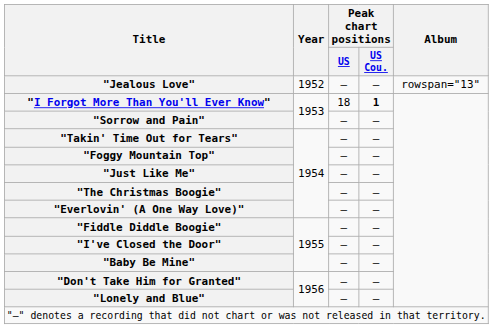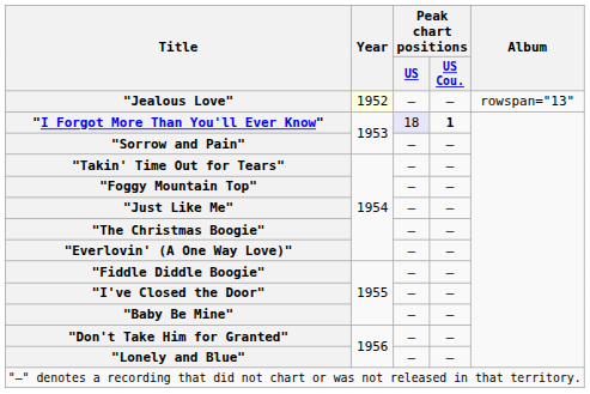 <table class="wikitable plainrowheaders" style="text-align:center;">
 <tr>
 <th scope="col" rowspan="2" style="width:26em;">Title</th>
 <th scope="col" rowspan="2">Year</th>
 <th scope="col" colspan="2">Peak chart<br>positions</th>
 <th scope="col" rowspan="2">Album</th>
 </tr>
 <tr>
 <th scope="col" style="width:2em;font-size:90%;"><a href='#'>US</a><br></th>
 <th scope="col" style="width:2em;font-size:90%;"><a href='#'>US<br>Cou.</a><br></th>
 </tr>
 <tr>
 <th scope="row">"Jealous Love" </th>
-<td>1952</td>
+<td style="background: lightyellow;">1952</td>
 <td>—</td>
 <td>—</td>
 <td>rowspan="13" </td>
 </tr>
 <tr>
 <th scope="row">"<a href='#'>I Forgot More Than You'll Ever Know</a>"</th>
 <td rowspan="2">1953</td>
-<td>18</td>
+<td style="background: lavender;">18</td>
 <td><strong>1</strong></td>
 </tr>
 <tr>
 <th scope="row">"Sorrow and Pain"</th>
 <td>—</td>
 <td>—</td>
 </tr>
 <tr>
 <th scope="row">"Takin' Time Out for Tears"</th>
 <td rowspan="5">1954</td>
 <td>—</td>
 <td>—</td>
 </tr>
 <tr>
 <th scope="row">"Foggy Mountain Top"</th>
 <td>—</td>
 <td>—</td>
 </tr>
 <tr>
 <th scope="row">"Just Like Me"</th>
 <td>—</td>
 <td>—</td>
 </tr>
 <tr>
 <th scope="row">"The Christmas Boogie"</th>
 <td>—</td>
 <td>—</td>
 </tr>
 <tr>
 <th scope="row">"Everlovin' (A One Way Love)"</th>
 <td>—</td>
 <td>—</td>
 </tr>
 <tr>
 <th scope="row">"Fiddle Diddle Boogie"</th>
 <td rowspan="3">1955</td>
 <td>—</td>
 <td>—</td>
 </tr>
 <tr>
 <th scope="row">"I've Closed the Door"</th>
 <td>—</td>
 <td>—</td>
 </tr>
 <tr>
 <th scope="row">"Baby Be Mine"</th>
 <td>—</td>
 <td>—</td>
 </tr>
 <tr>
 <th scope="row">"Don't Take Him for Granted"</th>
 <td rowspan="2">1956</td>
 <td>—</td>
 <td>—</td>
 </tr>
 <tr>
 <th scope="row">"Lonely and Blue"</th>
 <td>—</td>
 <td>—</td>
 </tr>
 <tr>
 <td colspan="5" style="font-size:90%">"—" denotes a recording that did not chart or was not released in that territory.</td>
 </tr>
 </table>
